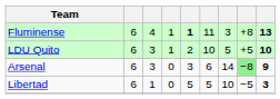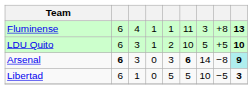 <table class="wikitable" align="right" style="text-align:center">
 <tr>
 <th width=165>Team</th>
 <th width=20></th>
 <th width=20></th>
 <th width=20></th>
 <th width=20></th>
 <th width=20></th>
 <th width=20></th>
 <th width=20></th>
 <th width=20></th>
 </tr>
 <tr bgcolor=#ccffcc>
 <td align=left> <a href='#'>Fluminense</a></td>
 <td>6</td>
 <td>4</td>
 <td>1</td>
-<td><strong>1</strong></td>
+<td>1</td>
 <td>11</td>
 <td>3</td>
 <td>+8</td>
 <td><strong>13</strong></td>
 </tr>
 <tr bgcolor=#ccffcc>
 <td align=left> <a href='#'>LDU Quito</a></td>
 <td>6</td>
 <td>3</td>
 <td>1</td>
 <td>2</td>
 <td>10</td>
 <td>5</td>
 <td>+5</td>
 <td><strong>10</strong></td>
 </tr>
 <tr>
 <td align=left> <a href='#'>Arsenal</a></td>
-<td>6</td>
+<td><strong>6</strong></td>
 <td>3</td>
 <td>0</td>
 <td>3</td>
-<td>6</td>
+<td><strong>6</strong></td>
 <td>14</td>
-<td style="background: lightgreen;">−8</td>
-<td><strong>9</strong></td>
+<td>−8</td>
+<td style="background: paleturquoise;"><strong>9</strong></td>
 </tr>
 <tr>
 <td align=left> <a href='#'>Libertad</a></td>
 <td>6</td>
 <td>1</td>
 <td>0</td>
 <td>5</td>
 <td>5</td>
 <td>10</td>
 <td>−5</td>
 <td><strong>3</strong></td>
 </tr>
 <tr>
 </tr>
 </table>
